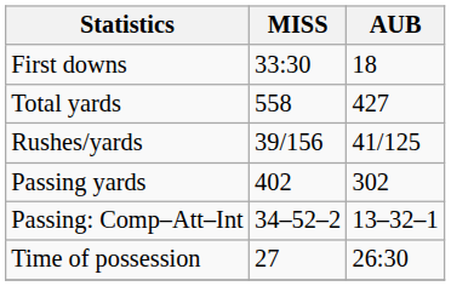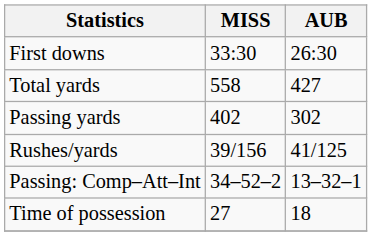 <table class="wikitable" style="float: left;">
 <tr>
 <th>Statistics</th>
 <th>MISS</th>
 <th>AUB</th>
 </tr>
 <tr>
 <td>First downs</td>
 <td>33:30</td>
-<td>18</td>
+<td>26:30</td>
 </tr>
 <tr>
 <td>Total yards</td>
 <td>558</td>
 <td>427</td>
 </tr>
 <tr>
+<td>Passing yards</td>
+<td>402</td>
+<td>302</td>
+</tr>
+<tr>
 <td>Rushes/yards</td>
 <td>39/156</td>
 <td>41/125</td>
-</tr>
-<tr>
-<td>Passing yards</td>
-<td>402</td>
-<td>302</td>
 </tr>
 <tr>
 <td>Passing: Comp–Att–Int</td>
 <td>34–52–2</td>
 <td>13–32–1</td>
 </tr>
 <tr>
 <td>Time of possession</td>
 <td>27</td>
-<td>26:30</td>
+<td>18</td>
 </tr>
 <tr>
 </tr>
 </table>
